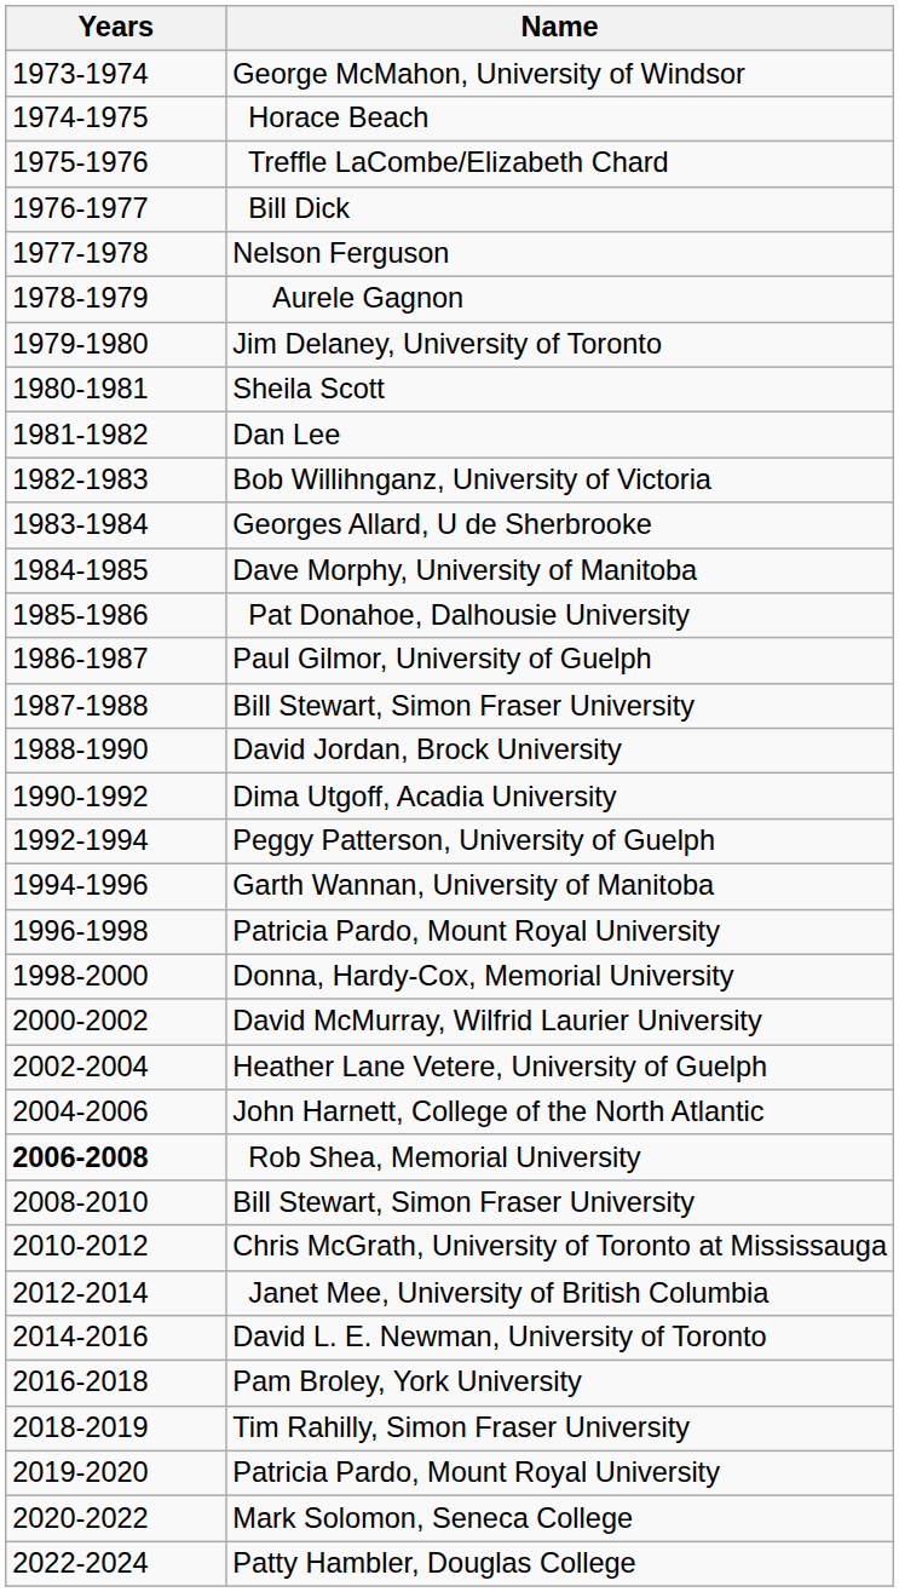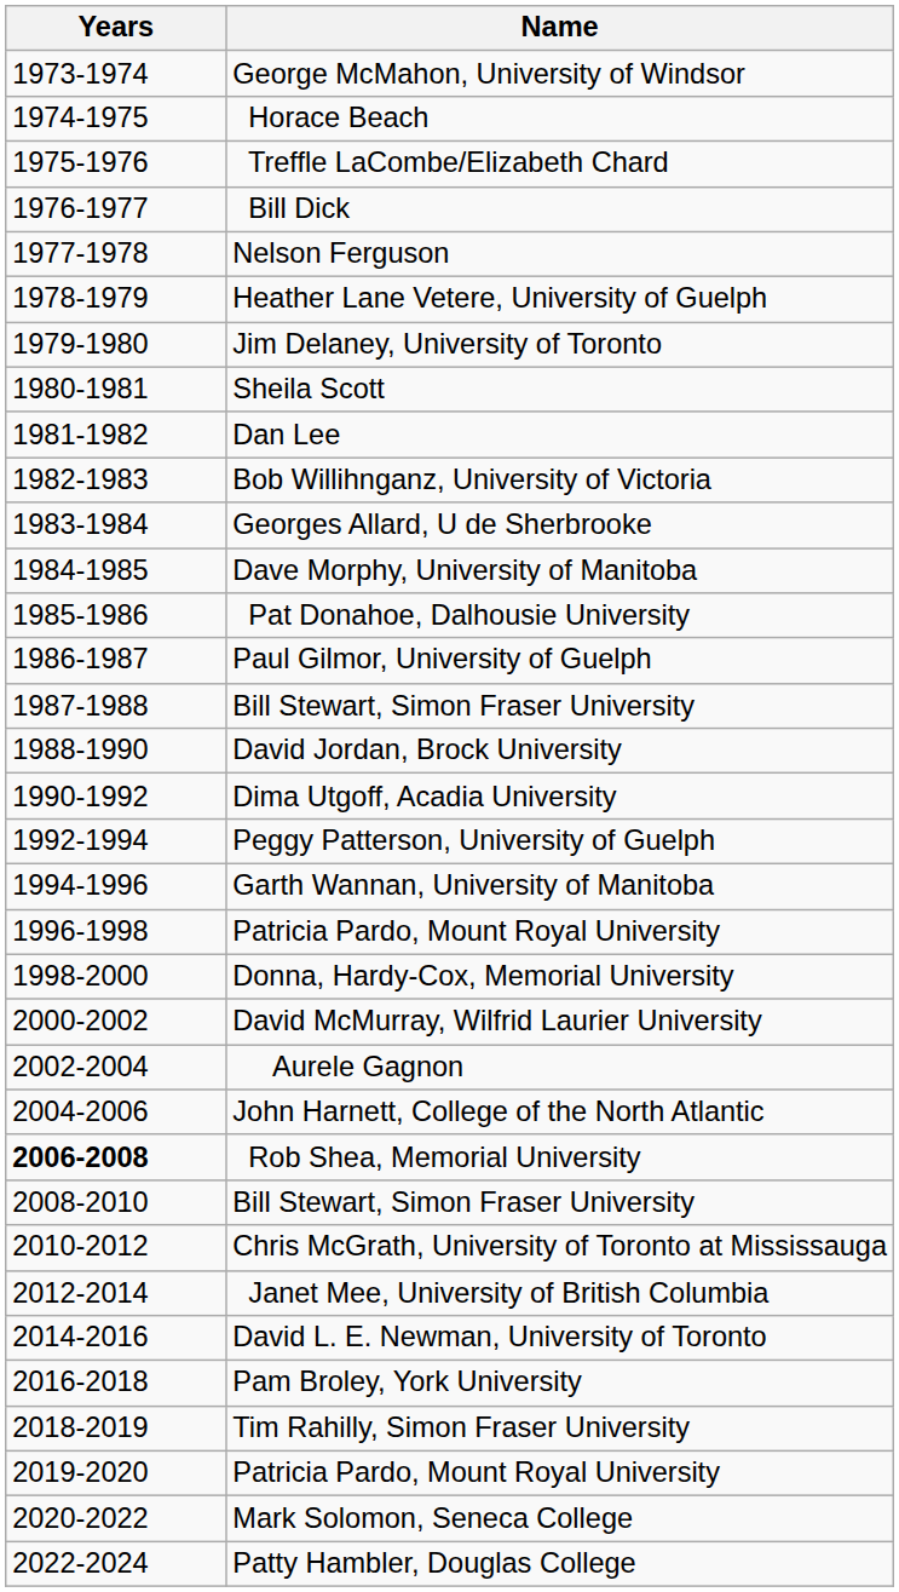 <table class="wikitable">
 <tr>
 <th>Years</th>
 <th>Name</th>
 </tr>
 <tr>
 <td>1973-1974</td>
 <td>George McMahon, University of Windsor</td>
 </tr>
 <tr>
 <td>1974-1975   </td>
 <td>  Horace Beach</td>
 </tr>
 <tr>
 <td>1975-1976</td>
 <td>  Treffle LaCombe/Elizabeth Chard</td>
 </tr>
 <tr>
 <td>1976-1977  </td>
 <td>  Bill Dick</td>
 </tr>
 <tr>
 <td>1977-1978   </td>
 <td>Nelson Ferguson</td>
 </tr>
 <tr>
 <td>1978-1979   </td>
-<td>     Aurele Gagnon</td>
+<td>Heather Lane Vetere, University of Guelph</td>
 </tr>
 <tr>
 <td>1979-1980         </td>
 <td>Jim Delaney, University of Toronto</td>
 </tr>
 <tr>
 <td>1980-1981  </td>
 <td>Sheila Scott</td>
 </tr>
 <tr>
 <td>1981-1982     </td>
 <td>Dan Lee</td>
 </tr>
 <tr>
 <td>1982-1983  </td>
 <td>Bob Willihnganz, University of Victoria</td>
 </tr>
 <tr>
 <td>1983-1984     </td>
 <td>Georges Allard, U de Sherbrooke</td>
 </tr>
 <tr>
 <td>1984-1985</td>
 <td>Dave Morphy, University of Manitoba</td>
 </tr>
 <tr>
 <td>1985-1986</td>
 <td>  Pat Donahoe, Dalhousie University</td>
 </tr>
 <tr>
 <td>1986-1987  </td>
 <td>Paul Gilmor, University of Guelph</td>
 </tr>
 <tr>
 <td>1987-1988</td>
 <td>Bill Stewart, Simon Fraser University</td>
 </tr>
 <tr>
 <td>1988-1990   </td>
 <td>David Jordan, Brock University</td>
 </tr>
 <tr>
 <td>1990-1992   </td>
 <td>Dima Utgoff, Acadia University</td>
 </tr>
 <tr>
 <td>1992-1994</td>
 <td>Peggy Patterson, University of Guelph</td>
 </tr>
 <tr>
 <td>1994-1996   </td>
 <td>Garth Wannan, University of Manitoba</td>
 </tr>
 <tr>
 <td>1996-1998  </td>
 <td>Patricia Pardo, Mount Royal University</td>
 </tr>
 <tr>
 <td>1998-2000   </td>
 <td>Donna, Hardy-Cox, Memorial University</td>
 </tr>
 <tr>
 <td>2000-2002</td>
 <td>David McMurray, Wilfrid Laurier University</td>
 </tr>
 <tr>
 <td>2002-2004</td>
-<td>Heather Lane Vetere, University of Guelph</td>
+<td>     Aurele Gagnon</td>
 </tr>
 <tr>
 <td>2004-2006</td>
 <td>John Harnett, College of the North Atlantic</td>
 </tr>
 <tr>
 <td><strong>2006-2008   </strong></td>
 <td>  Rob Shea, Memorial University</td>
 </tr>
 <tr>
 <td>2008-2010   </td>
 <td>Bill Stewart, Simon Fraser University</td>
 </tr>
 <tr>
 <td>2010-2012   </td>
 <td>Chris McGrath, University of Toronto at Mississauga</td>
 </tr>
 <tr>
 <td>2012-2014</td>
 <td>  Janet Mee, University of British Columbia</td>
 </tr>
 <tr>
 <td>2014-2016</td>
 <td>David L. E. Newman, University of Toronto</td>
 </tr>
 <tr>
 <td>2016-2018  </td>
 <td>Pam Broley, York University</td>
 </tr>
 <tr>
 <td>2018-2019  </td>
 <td>Tim Rahilly, Simon Fraser University</td>
 </tr>
 <tr>
 <td>2019-2020  </td>
 <td>Patricia Pardo, Mount Royal University</td>
 </tr>
 <tr>
 <td>2020-2022  </td>
 <td>Mark Solomon, Seneca College</td>
 </tr>
 <tr>
 <td>2022-2024   </td>
 <td>Patty Hambler, Douglas College</td>
 </tr>
 </table>
